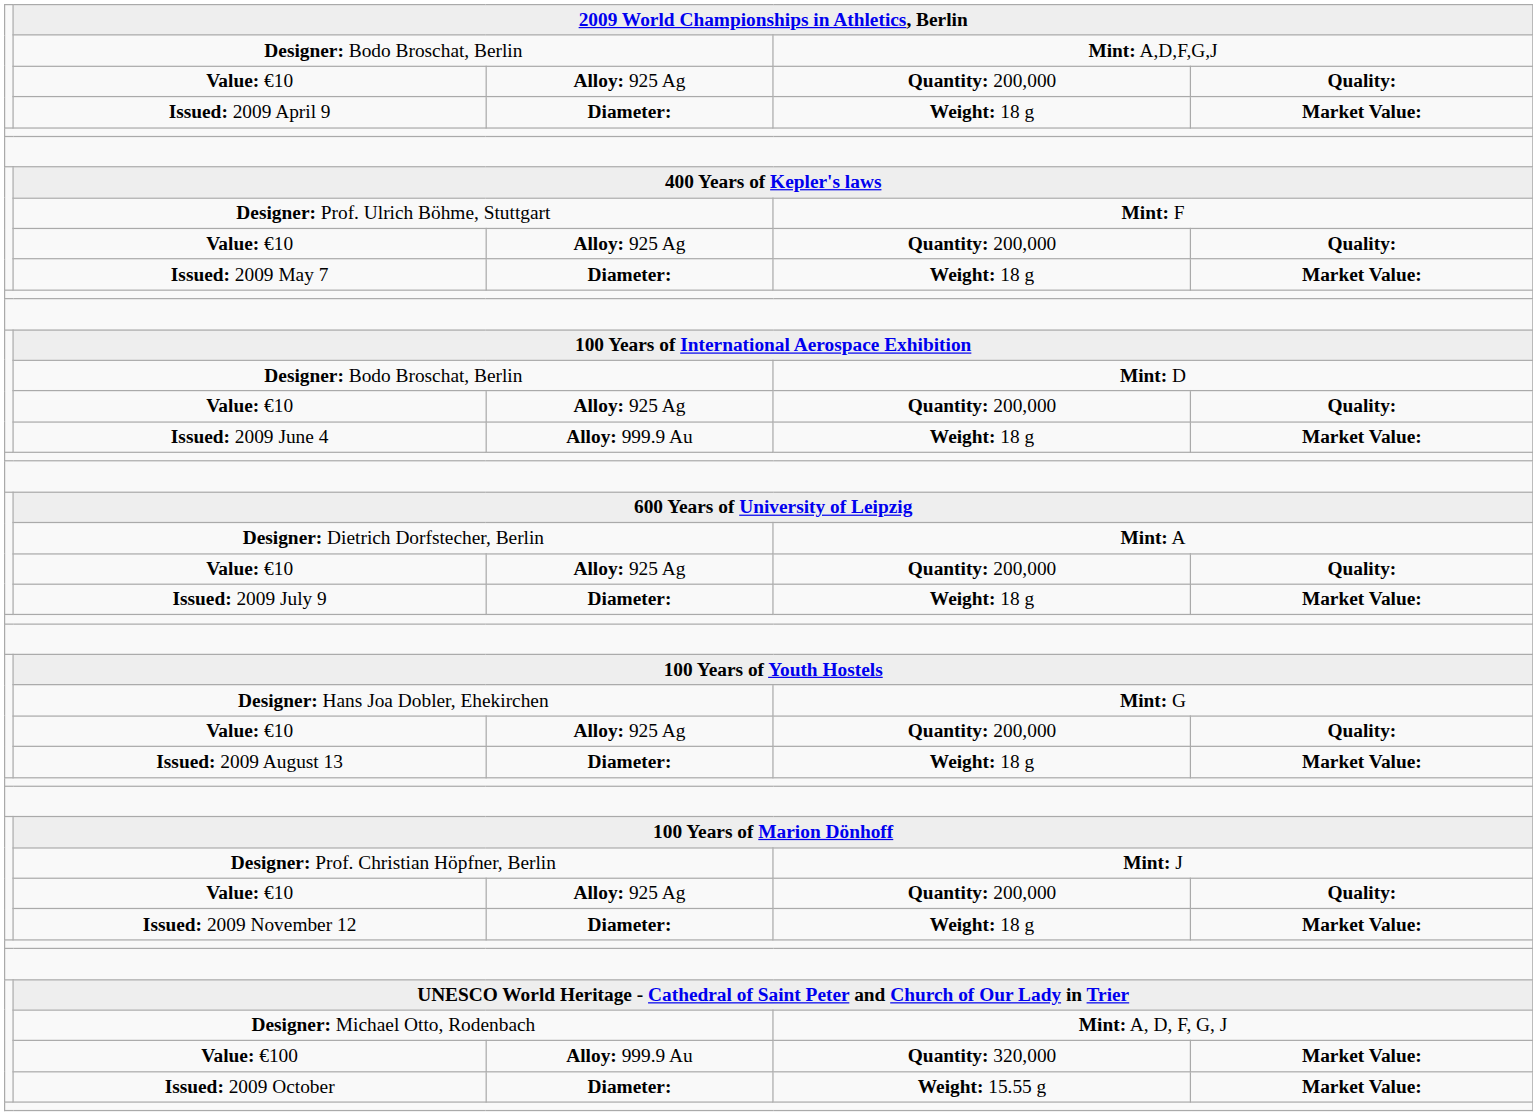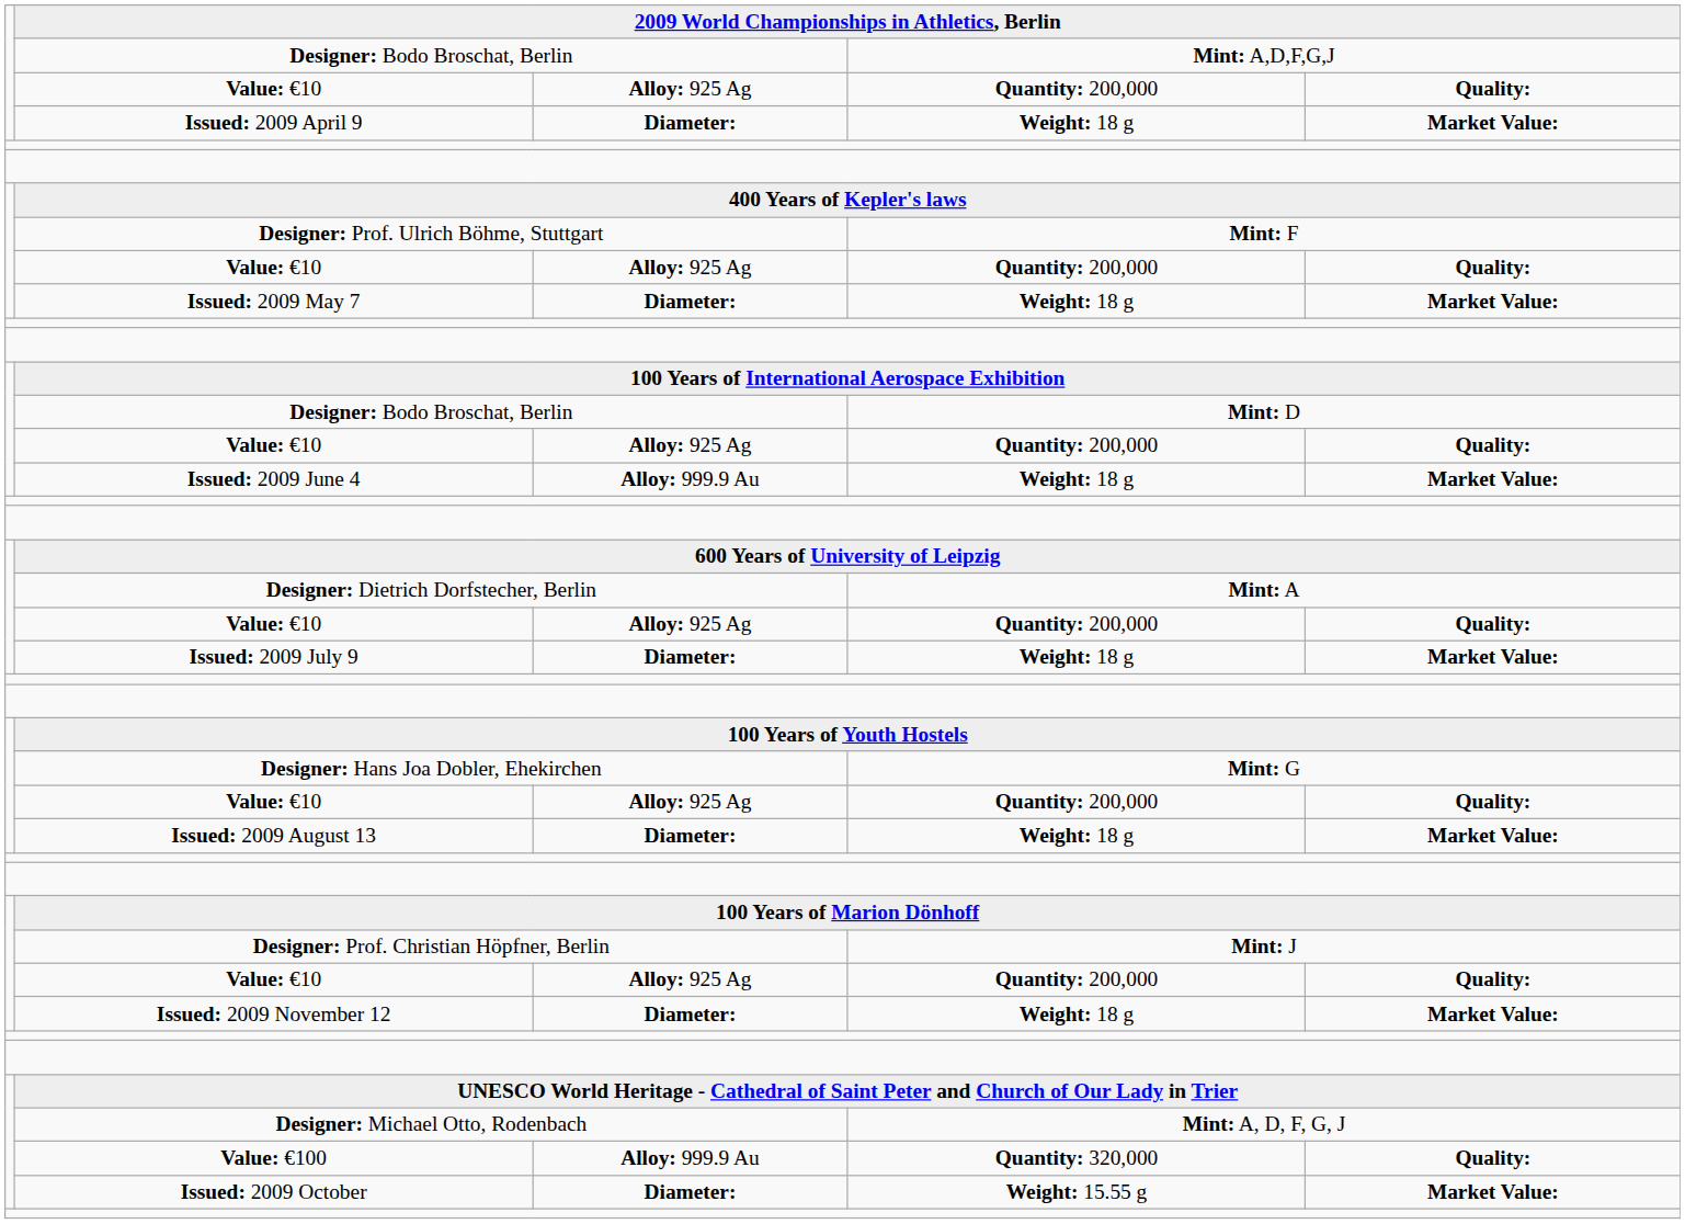 <table class="wikitable" style="width:100%;">
 <tr>
 <td rowspan="4"  style="white-space:nowrap; width:330px; text-align:center;"></td>
 <th colspan="4"  style="text-align:center; background:#eee;"><a href='#'>2009 World Championships in Athletics</a>, Berlin</th>
 </tr>
 <tr style="text-align:center;">
 <td colspan="2"  style="width:50%; "><strong>Designer:</strong> Bodo Broschat, Berlin</td>
 <td colspan="2"  style="width:50%; "><strong>Mint:</strong> A,D,F,G,J</td>
 </tr>
 <tr>
 <td align=center><strong>Value:</strong> €10</td>
 <td align=center><strong>Alloy:</strong> 925 Ag</td>
 <td align=center><strong>Quantity:</strong> 200,000</td>
 <td align=center><strong>Quality:</strong></td>
 </tr>
 <tr>
 <td align=center><strong>Issued:</strong> 2009 April 9</td>
 <td align=center><strong>Diameter:</strong> </td>
 <td align=center><strong>Weight:</strong> 18 g</td>
 <td align=center><strong>Market Value:</strong></td>
 </tr>
 <tr>
 <td colspan="5" style="text-align:left;"></td>
 </tr>
 <tr>
 <td colspan="5" style="text-align:left;"> </td>
 </tr>
 <tr>
 <td rowspan="4"  style="white-space:nowrap; width:330px; text-align:center;"></td>
 <th colspan="4"  style="text-align:center; background:#eee;">400 Years of <a href='#'>Kepler's laws</a></th>
 </tr>
 <tr style="text-align:center;">
 <td colspan="2"  style="width:50%; "><strong>Designer:</strong> Prof. Ulrich Böhme, Stuttgart</td>
 <td colspan="2"  style="width:50%; "><strong>Mint:</strong> F</td>
 </tr>
 <tr>
 <td align=center><strong>Value:</strong> €10</td>
 <td align=center><strong>Alloy:</strong> 925 Ag</td>
 <td align=center><strong>Quantity:</strong> 200,000</td>
 <td align=center><strong>Quality:</strong></td>
 </tr>
 <tr>
 <td align=center><strong>Issued:</strong> 2009 May 7</td>
 <td align=center><strong>Diameter:</strong> </td>
 <td align=center><strong>Weight:</strong> 18 g</td>
 <td align=center><strong>Market Value:</strong></td>
 </tr>
 <tr>
 <td colspan="5" style="text-align:left;"></td>
 </tr>
 <tr>
 <td colspan="5" style="text-align:left;"> </td>
 </tr>
 <tr>
 <td rowspan="4"  style="white-space:nowrap; width:330px; text-align:center;"></td>
 <th colspan="4"  style="text-align:center; background:#eee;">100 Years of <a href='#'>International Aerospace Exhibition</a></th>
 </tr>
 <tr style="text-align:center;">
 <td colspan="2"  style="width:50%; "><strong>Designer:</strong> Bodo Broschat, Berlin</td>
 <td colspan="2"  style="width:50%; "><strong>Mint:</strong> D</td>
 </tr>
 <tr>
 <td align=center><strong>Value:</strong> €10</td>
 <td align=center><strong>Alloy:</strong> 925 Ag</td>
 <td align=center><strong>Quantity:</strong> 200,000</td>
 <td align=center><strong>Quality:</strong></td>
 </tr>
 <tr>
 <td align=center><strong>Issued:</strong> 2009 June 4</td>
 <td align=center><strong>Alloy:</strong> 999.9 Au</td>
 <td align=center><strong>Weight:</strong> 18 g</td>
 <td align=center><strong>Market Value:</strong></td>
 </tr>
 <tr>
 <td colspan="5" style="text-align:left;"></td>
 </tr>
 <tr>
 <td colspan="5" style="text-align:left;"> </td>
 </tr>
 <tr>
 <td rowspan="4"  style="white-space:nowrap; width:330px; text-align:center;"></td>
 <th colspan="4"  style="text-align:center; background:#eee;">600 Years of <a href='#'>University of Leipzig</a></th>
 </tr>
 <tr style="text-align:center;">
 <td colspan="2"  style="width:50%; "><strong>Designer:</strong> Dietrich Dorfstecher, Berlin</td>
 <td colspan="2"  style="width:50%; "><strong>Mint:</strong> A</td>
 </tr>
 <tr>
 <td align=center><strong>Value:</strong> €10</td>
 <td align=center><strong>Alloy:</strong> 925 Ag</td>
 <td align=center><strong>Quantity:</strong> 200,000</td>
 <td align=center><strong>Quality:</strong></td>
 </tr>
 <tr>
 <td align=center><strong>Issued:</strong> 2009 July 9</td>
 <td align=center><strong>Diameter:</strong> </td>
 <td align=center><strong>Weight:</strong> 18 g</td>
 <td align=center><strong>Market Value:</strong></td>
 </tr>
 <tr>
 <td colspan="5" style="text-align:left;"></td>
 </tr>
 <tr>
 <td colspan="5" style="text-align:left;"> </td>
 </tr>
 <tr>
 <td rowspan="4"  style="white-space:nowrap; width:330px; text-align:center;"></td>
 <th colspan="4"  style="text-align:center; background:#eee;">100 Years of <a href='#'>Youth Hostels</a></th>
 </tr>
 <tr style="text-align:center;">
 <td colspan="2"  style="width:50%; "><strong>Designer:</strong> Hans Joa Dobler, Ehekirchen</td>
 <td colspan="2"  style="width:50%; "><strong>Mint:</strong> G</td>
 </tr>
 <tr>
 <td align=center><strong>Value:</strong> €10</td>
 <td align=center><strong>Alloy:</strong> 925 Ag</td>
 <td align=center><strong>Quantity:</strong> 200,000</td>
 <td align=center><strong>Quality:</strong></td>
 </tr>
 <tr>
 <td align=center><strong>Issued:</strong> 2009 August 13</td>
 <td align=center><strong>Diameter:</strong> </td>
 <td align=center><strong>Weight:</strong> 18 g</td>
 <td align=center><strong>Market Value:</strong></td>
 </tr>
 <tr>
 <td colspan="5" style="text-align:left;"></td>
 </tr>
 <tr>
 <td colspan="5" style="text-align:left;"> </td>
 </tr>
 <tr>
 <td rowspan="4"  style="white-space:nowrap; width:330px; text-align:center;"><br> </td>
 <th colspan="4"  style="text-align:center; background:#eee;">100 Years of <a href='#'>Marion Dönhoff</a></th>
 </tr>
 <tr style="text-align:center;">
 <td colspan="2"  style="width:50%; "><strong>Designer:</strong> Prof. Christian Höpfner, Berlin</td>
 <td colspan="2"  style="width:50%; "><strong>Mint:</strong> J</td>
 </tr>
 <tr>
 <td align=center><strong>Value:</strong> €10</td>
 <td align=center><strong>Alloy:</strong> 925 Ag</td>
 <td align=center><strong>Quantity:</strong> 200,000</td>
 <td align=center><strong>Quality:</strong></td>
 </tr>
 <tr>
 <td align=center><strong>Issued:</strong> 2009 November 12</td>
 <td align=center><strong>Diameter:</strong> </td>
 <td align=center><strong>Weight:</strong> 18 g</td>
 <td align=center><strong>Market Value:</strong></td>
 </tr>
 <tr>
 <td colspan="5" style="text-align:left;"></td>
 </tr>
 <tr>
 <td colspan="5" style="text-align:left;"> </td>
 </tr>
 <tr>
 <td rowspan="4"  style="white-space:nowrap; width:330px; text-align:center;"></td>
 <th colspan="4"  style="text-align:center; background:#eee;">UNESCO World Heritage - <a href='#'>Cathedral of Saint Peter</a> and <a href='#'>Church of Our Lady</a> in <a href='#'>Trier</a></th>
 </tr>
 <tr style="text-align:center;">
 <td colspan="2"  style="width:50%; "><strong>Designer:</strong> Michael Otto, Rodenbach</td>
 <td colspan="2"  style="width:50%; "><strong>Mint:</strong> A, D, F, G, J</td>
 </tr>
 <tr>
 <td align=center><strong>Value:</strong> €100</td>
 <td align=center><strong>Alloy:</strong> 999.9 Au</td>
 <td align=center><strong>Quantity:</strong> 320,000</td>
-<td align=center><strong>Market Value:</strong></td>
+<td align=center><strong>Quality:</strong></td>
 </tr>
 <tr>
 <td align=center><strong>Issued:</strong>  2009 October</td>
 <td align=center><strong>Diameter:</strong> </td>
 <td align=center><strong>Weight:</strong> 15.55 g</td>
 <td align=center><strong>Market Value:</strong></td>
 </tr>
 <tr>
 <td colspan="5" style="text-align:left;"></td>
 </tr>
 </table>
